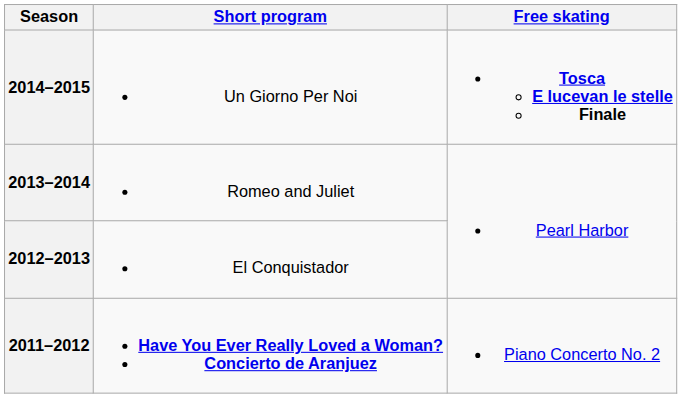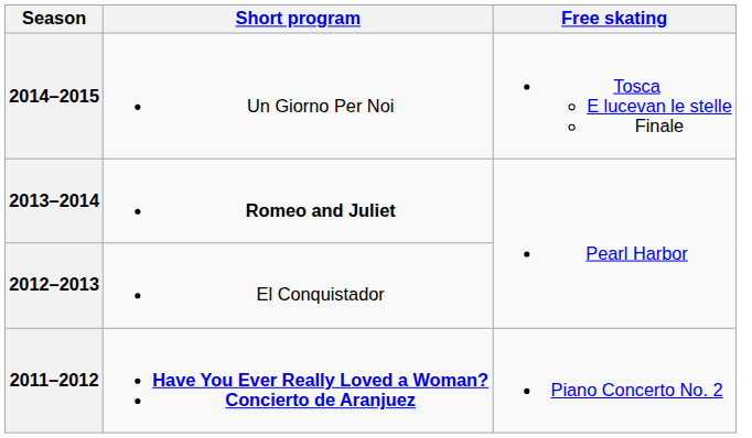 <table class=wikitable style=text-align:center>
 <tr>
 <th>Season</th>
 <th><a href='#'>Short program</a></th>
 <th><a href='#'>Free skating</a></th>
 </tr>
 <tr>
 <th>2014–2015 <br> </th>
 <td><br><ul><li>Un Giorno Per Noi <br></li></ul></td>
-<td><strong><br><ul><li><a href='#'>Tosca</a> <br><ul><li><a href='#'>E lucevan le stelle</a></li><li>Finale</li></ul></li></ul></strong></td>
+<td><br><ul><li><a href='#'>Tosca</a> <br><ul><li><a href='#'>E lucevan le stelle</a></li><li>Finale</li></ul></li></ul></td>
 </tr>
 <tr>
 <th>2013–2014 <br> </th>
-<td><br><ul><li>Romeo and Juliet <br></li></ul></td>
+<td><strong><br><ul><li>Romeo and Juliet <br></li></ul></strong></td>
 <td rowspan=2><br><ul><li><a href='#'>Pearl Harbor</a> <br></li></ul></td>
 </tr>
 <tr>
 <th>2012–2013 <br> </th>
 <td><br><ul><li>El Conquistador <br></li></ul></td>
 </tr>
 <tr>
 <th>2011–2012 <br> </th>
 <td><strong><br><ul><li><a href='#'>Have You Ever Really Loved a Woman?</a> <br></li><li><a href='#'>Concierto de Aranjuez</a> <br></li></ul></strong></td>
 <td><br><ul><li><a href='#'>Piano Concerto No. 2</a> <br></li></ul></td>
 </tr>
 </table>
